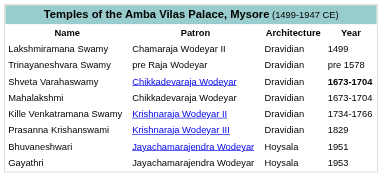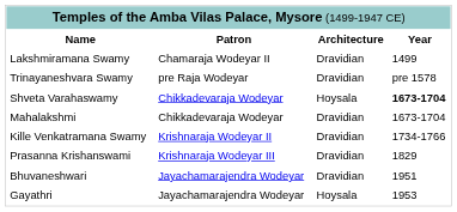 <table width="575" cellpadding="4" cellspacing="1" style="float: left; margin: 0 0 1em 1em; font-family: arial; font-size: 90%; background-color: ##F0F8FF; border: 1px solid #cccccc;">
 <tr>
 <td colspan="4"  style="text-align:center; background:#9cc;"><big><strong>Temples of the Amba Vilas Palace, Mysore</strong></big> (1499-1947 CE)</td>
 </tr>
 <tr>
 <th>Name</th>
 <th>Patron</th>
 <th>Architecture</th>
 <th>Year</th>
 </tr>
 <tr>
 <td>Lakshmiramana Swamy</td>
 <td>Chamaraja Wodeyar II</td>
 <td>Dravidian</td>
 <td>1499</td>
 </tr>
 <tr>
 <td>Trinayaneshvara Swamy</td>
 <td>pre Raja Wodeyar</td>
 <td>Dravidian</td>
 <td>pre 1578</td>
 </tr>
 <tr>
 <td>Shveta Varahaswamy</td>
 <td><a href='#'>Chikkadevaraja Wodeyar</a></td>
-<td>Dravidian</td>
+<td>Hoysala</td>
 <td><strong>1673-1704</strong></td>
 </tr>
 <tr>
 <td>Mahalakshmi</td>
 <td>Chikkadevaraja Wodeyar</td>
 <td>Dravidian</td>
 <td>1673-1704</td>
 </tr>
 <tr>
 <td>Kille Venkatramana Swamy</td>
 <td><a href='#'>Krishnaraja Wodeyar II</a></td>
 <td>Dravidian</td>
 <td>1734-1766</td>
 </tr>
 <tr>
 <td>Prasanna Krishanswami</td>
 <td><a href='#'>Krishnaraja Wodeyar III</a></td>
 <td>Dravidian</td>
 <td>1829</td>
 </tr>
 <tr>
 <td>Bhuvaneshwari</td>
 <td><a href='#'>Jayachamarajendra Wodeyar</a></td>
-<td>Hoysala</td>
+<td>Dravidian</td>
 <td>1951</td>
 </tr>
 <tr>
 <td>Gayathri</td>
 <td>Jayachamarajendra Wodeyar</td>
 <td>Hoysala</td>
 <td>1953</td>
 </tr>
 <tr>
 </tr>
 </table>
